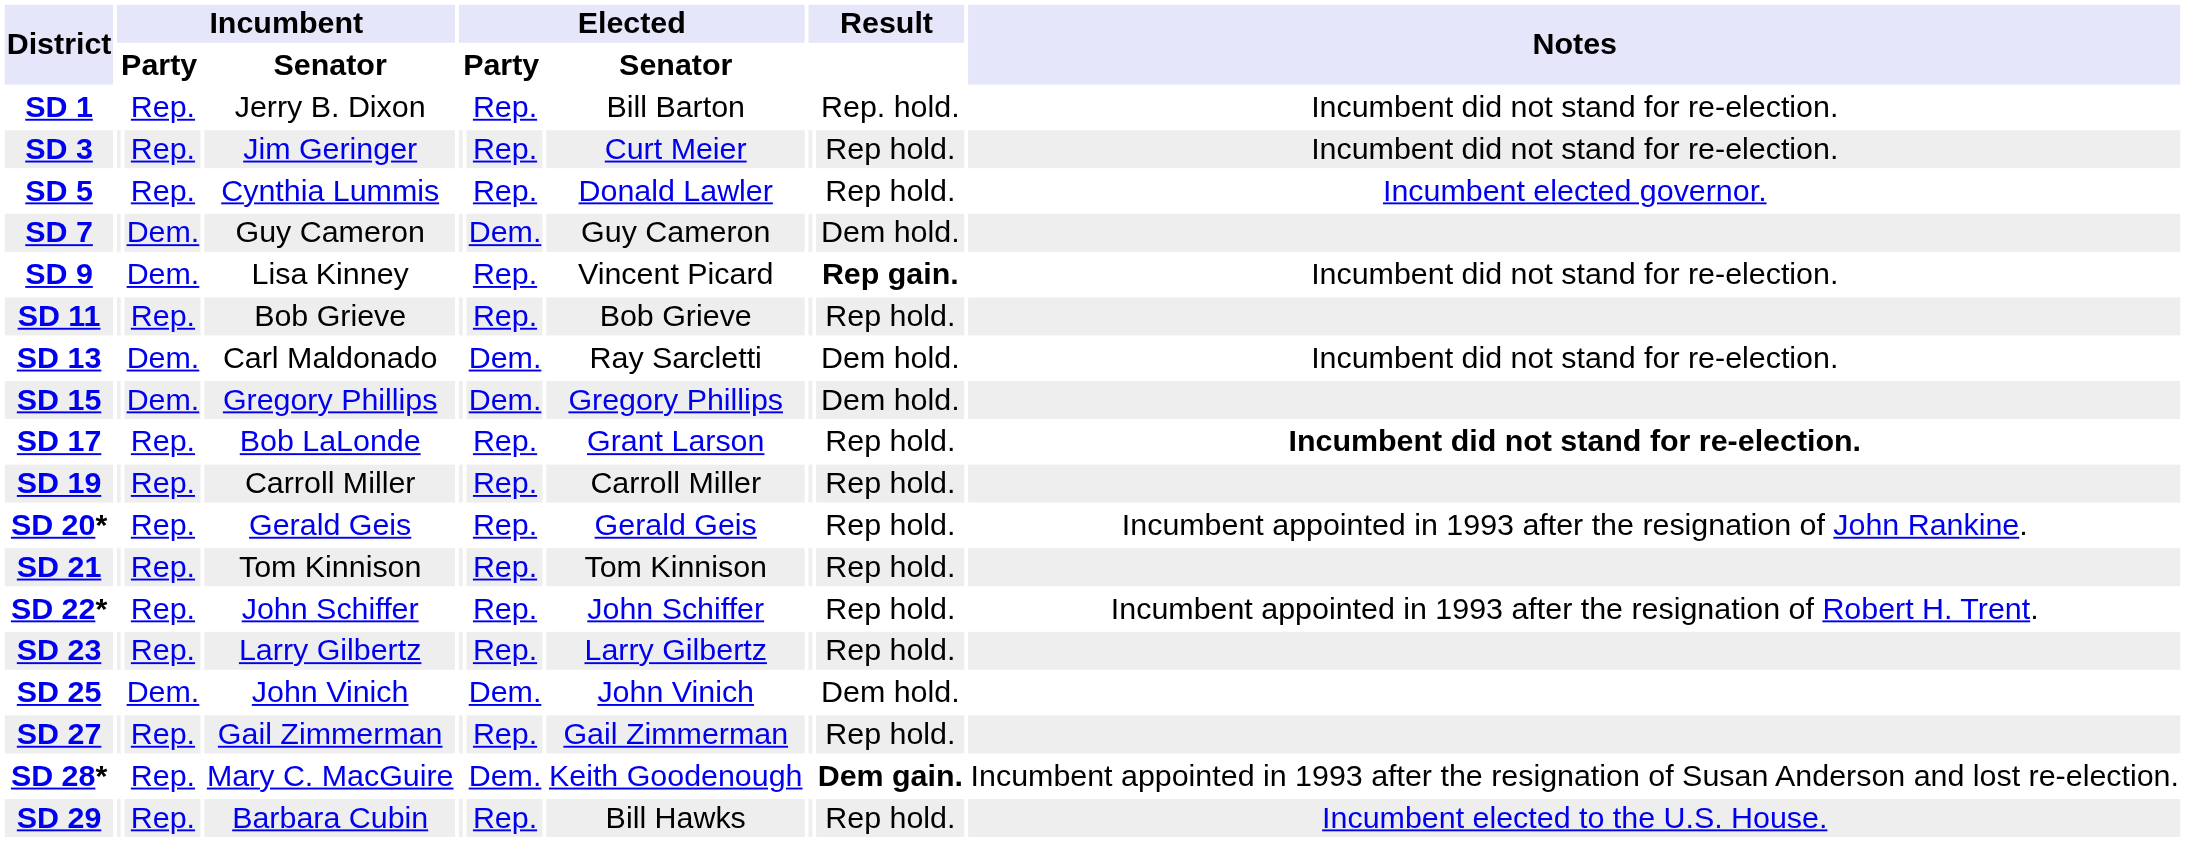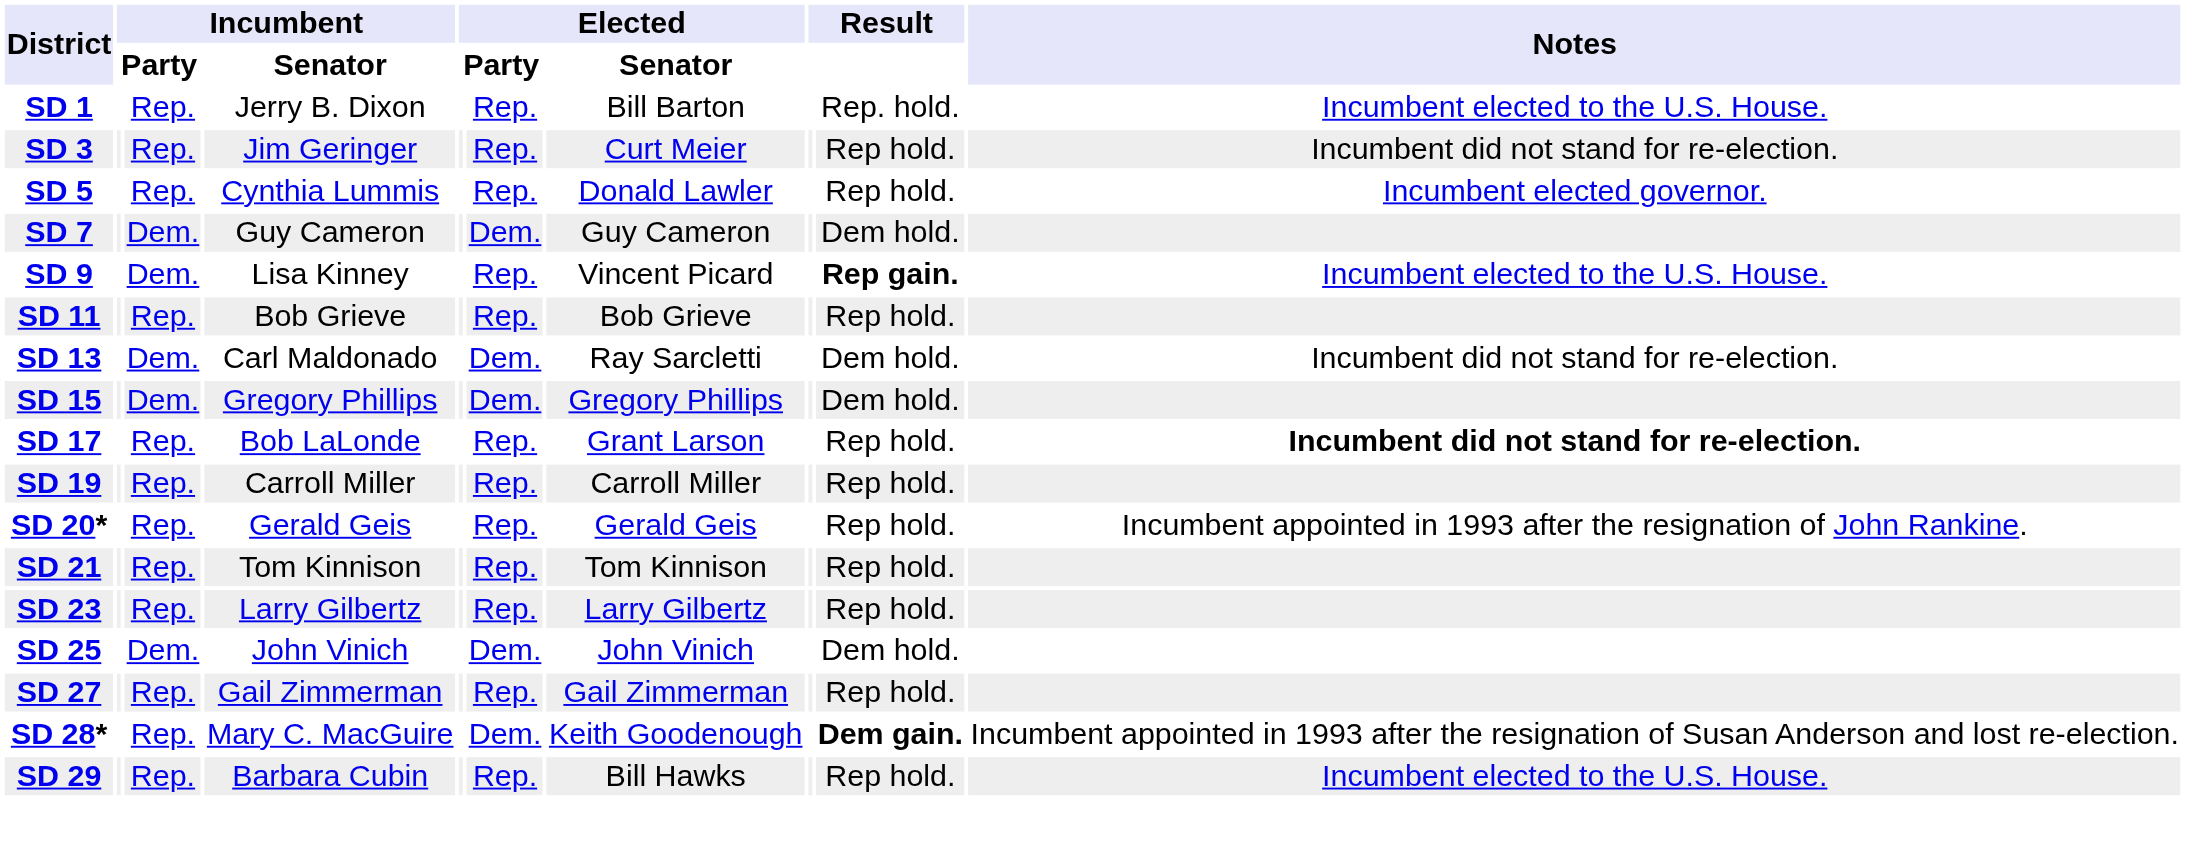 <table class="toccolours sortable" style="text-align:center;">
 <tr style="background:lavender">
 <th rowspan="2">District</th>
 <th colspan=3>Incumbent</th>
 <th colspan=3>Elected</th>
 <th colspan=2>Result</th>
 <th rowspan="2">Notes</th>
 </tr>
 <tr>
 <th colspan=2 align="center">Party</th>
 <th align="center">Senator</th>
 <th colspan=2 align="center">Party</th>
 <th align="center">Senator</th>
 <th colspan=2></th>
 </tr>
 <tr>
 <th><a href='#'>SD 1</a></th>
 <td style="background-color:"></td>
 <td><a href='#'>Rep.</a></td>
 <td>Jerry B. Dixon</td>
 <td style="background-color:"></td>
 <td><a href='#'>Rep.</a></td>
 <td>Bill Barton</td>
 <td style="background-color:"></td>
 <td>Rep. hold.</td>
-<td>Incumbent did not stand for re-election.</td>
+<td><a href='#'>Incumbent elected to the U.S. House.</a></td>
 </tr>
 <tr style="background:#EEEEEE;">
 <th><a href='#'>SD 3</a></th>
 <td style="background-color:"></td>
 <td><a href='#'>Rep.</a></td>
 <td><a href='#'>Jim Geringer</a></td>
 <td style="background-color:"></td>
 <td><a href='#'>Rep.</a></td>
 <td><a href='#'>Curt Meier</a></td>
 <td style="background-color:"></td>
 <td>Rep hold.</td>
 <td>Incumbent did not stand for re-election.</td>
 </tr>
 <tr>
 <th><a href='#'>SD 5</a></th>
 <td style="background-color:"></td>
 <td><a href='#'>Rep.</a></td>
 <td><a href='#'>Cynthia Lummis</a></td>
 <td style="background-color:"></td>
 <td><a href='#'>Rep.</a></td>
 <td><a href='#'>Donald Lawler</a></td>
 <td style="background-color:"></td>
 <td>Rep hold.</td>
 <td><a href='#'>Incumbent elected governor.</a></td>
 </tr>
 <tr style="background:#EEEEEE;">
 <th><a href='#'>SD 7</a></th>
 <td style="background-color:"></td>
 <td><a href='#'>Dem.</a></td>
 <td>Guy Cameron</td>
 <td style="background-color:"></td>
 <td><a href='#'>Dem.</a></td>
 <td>Guy Cameron</td>
 <td style="background-color:"></td>
 <td>Dem hold.</td>
 <td></td>
 </tr>
 <tr>
 <th><a href='#'>SD 9</a></th>
 <td style="background-color:"></td>
 <td><a href='#'>Dem.</a></td>
 <td>Lisa Kinney</td>
 <td style="background-color:"></td>
 <td><a href='#'>Rep.</a></td>
 <td>Vincent Picard</td>
 <td style="background-color:"></td>
 <td><strong>Rep gain.</strong></td>
-<td>Incumbent did not stand for re-election.</td>
+<td><a href='#'>Incumbent elected to the U.S. House.</a></td>
 </tr>
 <tr style="background:#EEEEEE;">
 <th><a href='#'>SD 11</a></th>
 <td style="background-color:"></td>
 <td><a href='#'>Rep.</a></td>
 <td>Bob Grieve</td>
 <td style="background-color:"></td>
 <td><a href='#'>Rep.</a></td>
 <td>Bob Grieve</td>
 <td style="background-color:"></td>
 <td>Rep hold.</td>
 <td></td>
 </tr>
 <tr>
 <th><a href='#'>SD 13</a></th>
 <td style="background-color:"></td>
 <td><a href='#'>Dem.</a></td>
 <td>Carl Maldonado</td>
 <td style="background-color:"></td>
 <td><a href='#'>Dem.</a></td>
 <td>Ray Sarcletti</td>
 <td style="background-color:"></td>
 <td>Dem hold.</td>
 <td>Incumbent did not stand for re-election.</td>
 </tr>
 <tr style="background:#EEEEEE;">
 <th><a href='#'>SD 15</a></th>
 <td style="background-color:"></td>
 <td><a href='#'>Dem.</a></td>
 <td><a href='#'>Gregory Phillips</a></td>
 <td style="background-color:"></td>
 <td><a href='#'>Dem.</a></td>
 <td><a href='#'>Gregory Phillips</a></td>
 <td style="background-color:"></td>
 <td>Dem hold.</td>
 <td></td>
 </tr>
 <tr>
 <th><a href='#'>SD 17</a></th>
 <td style="background-color:"></td>
 <td><a href='#'>Rep.</a></td>
 <td><a href='#'>Bob LaLonde</a></td>
 <td style="background-color:"></td>
 <td><a href='#'>Rep.</a></td>
 <td><a href='#'>Grant Larson</a></td>
 <td style="background-color:"></td>
 <td>Rep hold.</td>
 <td><strong>Incumbent did not stand for re-election.</strong></td>
 </tr>
 <tr style="background:#EEEEEE;">
 <th><a href='#'>SD 19</a></th>
 <td style="background-color:"></td>
 <td><a href='#'>Rep.</a></td>
 <td>Carroll Miller</td>
 <td style="background-color:"></td>
 <td><a href='#'>Rep.</a></td>
 <td>Carroll Miller</td>
 <td style="background-color:"></td>
 <td>Rep hold.</td>
 <td></td>
 </tr>
 <tr>
 <th><a href='#'>SD 20</a>*</th>
 <td style="background-color:"></td>
 <td><a href='#'>Rep.</a></td>
 <td><a href='#'>Gerald Geis</a></td>
 <td style="background-color:"></td>
 <td><a href='#'>Rep.</a></td>
 <td><a href='#'>Gerald Geis</a></td>
 <td style="background-color:"></td>
 <td>Rep hold.</td>
 <td>Incumbent appointed in 1993 after the resignation of <a href='#'>John Rankine</a>.</td>
 </tr>
 <tr style="background:#EEEEEE;">
 <th><a href='#'>SD 21</a></th>
 <td style="background-color:"></td>
 <td><a href='#'>Rep.</a></td>
 <td>Tom Kinnison</td>
 <td style="background-color:"></td>
 <td><a href='#'>Rep.</a></td>
 <td>Tom Kinnison</td>
 <td style="background-color:"></td>
 <td>Rep hold.</td>
 <td></td>
 </tr>
-<tr>
-<th><a href='#'>SD 22</a>*</th>
-<td style="background-color:"></td>
-<td><a href='#'>Rep.</a></td>
-<td><a href='#'>John Schiffer</a></td>
-<td style="background-color:"></td>
-<td><a href='#'>Rep.</a></td>
-<td><a href='#'>John Schiffer</a></td>
-<td style="background-color:"></td>
-<td>Rep hold.</td>
-<td>Incumbent appointed in 1993 after the resignation of <a href='#'>Robert H. Trent</a>.</td>
-</tr>
 <tr style="background:#EEEEEE;">
 <th><a href='#'>SD 23</a></th>
 <td style="background-color:"></td>
 <td><a href='#'>Rep.</a></td>
 <td><a href='#'>Larry Gilbertz</a></td>
 <td style="background-color:"></td>
 <td><a href='#'>Rep.</a></td>
 <td><a href='#'>Larry Gilbertz</a></td>
 <td style="background-color:"></td>
 <td>Rep hold.</td>
 <td></td>
 </tr>
 <tr>
 <th><a href='#'>SD 25</a></th>
 <td style="background-color:"></td>
 <td><a href='#'>Dem.</a></td>
 <td><a href='#'>John Vinich</a></td>
 <td style="background-color:"></td>
 <td><a href='#'>Dem.</a></td>
 <td><a href='#'>John Vinich</a></td>
 <td style="background-color:"></td>
 <td>Dem hold.</td>
 <td></td>
 </tr>
 <tr style="background:#EEEEEE;">
 <th><a href='#'>SD 27</a></th>
 <td style="background-color:"></td>
 <td><a href='#'>Rep.</a></td>
 <td><a href='#'>Gail Zimmerman</a></td>
 <td style="background-color:"></td>
 <td><a href='#'>Rep.</a></td>
 <td><a href='#'>Gail Zimmerman</a></td>
 <td style="background-color:"></td>
 <td>Rep hold.</td>
 <td></td>
 </tr>
 <tr>
 <th><a href='#'>SD 28</a>*</th>
 <td style="background-color:"></td>
 <td><a href='#'>Rep.</a></td>
 <td><a href='#'>Mary C. MacGuire</a></td>
 <td style="background-color:"></td>
 <td><a href='#'>Dem.</a></td>
 <td><a href='#'>Keith Goodenough</a></td>
 <td style="background-color:"></td>
 <td><strong>Dem gain.</strong></td>
 <td>Incumbent appointed in 1993 after the resignation of Susan Anderson and lost re-election.</td>
 </tr>
 <tr style="background:#EEEEEE;">
 <th><a href='#'>SD 29</a></th>
 <td style="background-color:"></td>
 <td><a href='#'>Rep.</a></td>
 <td><a href='#'>Barbara Cubin</a></td>
 <td style="background-color:"></td>
 <td><a href='#'>Rep.</a></td>
 <td>Bill Hawks</td>
 <td style="background-color:"></td>
 <td>Rep hold.</td>
 <td><a href='#'>Incumbent elected to the U.S. House.</a></td>
 </tr>
 <tr>
 </tr>
 </table>
